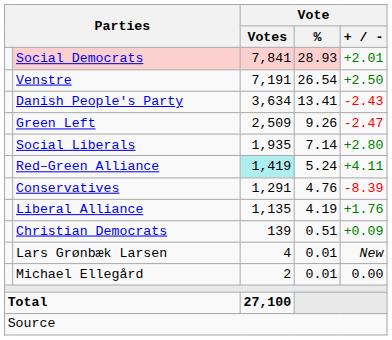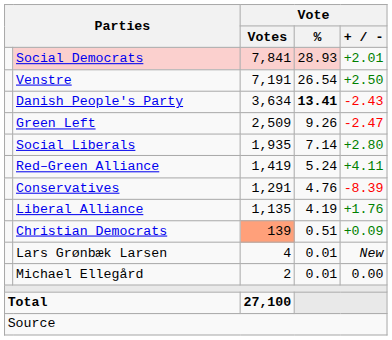 <table class="wikitable" style="text-align:right;">
 <tr>
 <th style="text-align:centre;" rowspan="2" colspan="2" width="225">Parties</th>
 <th colspan="3">Vote</th>
 </tr>
 <tr>
 <th width="15">Votes</th>
 <th width="15">%</th>
 <th width="15">+ / -</th>
 </tr>
 <tr>
 <td width="2" style="color:inherit;background:"></td>
 <td bgcolor=#fbd0ce  align="left"><a href='#'>Social Democrats</a></td>
 <td bgcolor=#fbd0ce>7,841</td>
 <td bgcolor=#fbd0ce>28.93</td>
 <td style=color:green;>+2.01</td>
 </tr>
 <tr>
 <td width="2" style="color:inherit;background:"></td>
 <td align="left"><a href='#'>Venstre</a></td>
 <td>7,191</td>
 <td>26.54</td>
 <td style=color:green;>+2.50</td>
 </tr>
 <tr>
 <td width="2" style="color:inherit;background:"></td>
 <td align="left"><a href='#'>Danish People's Party</a></td>
 <td>3,634</td>
-<td>13.41</td>
+<td><strong>13.41</strong></td>
 <td style=color:red;>-2.43</td>
 </tr>
 <tr>
 <td width="2" style="color:inherit;background:"></td>
 <td align="left"><a href='#'>Green Left</a></td>
 <td>2,509</td>
 <td>9.26</td>
 <td style=color:red;>-2.47</td>
 </tr>
 <tr>
 <td width="2" style="color:inherit;background:"></td>
 <td align="left"><a href='#'>Social Liberals</a></td>
 <td>1,935</td>
 <td>7.14</td>
 <td style=color:green;>+2.80</td>
 </tr>
 <tr>
 <td width="2" style="color:inherit;background:"></td>
 <td align="left"><a href='#'>Red–Green Alliance</a></td>
-<td style="background: paleturquoise;">1,419</td>
+<td>1,419</td>
 <td>5.24</td>
 <td style=color:green;>+4.11</td>
 </tr>
 <tr>
 <td width="2" style="color:inherit;background:"></td>
 <td align="left"><a href='#'>Conservatives</a></td>
 <td>1,291</td>
 <td>4.76</td>
 <td style=color:red;>-8.39</td>
 </tr>
 <tr>
 <td width="2" style="color:inherit;background:"></td>
 <td align="left"><a href='#'>Liberal Alliance</a></td>
 <td>1,135</td>
 <td>4.19</td>
 <td style=color:green;>+1.76</td>
 </tr>
 <tr>
 <td width="2" style="color:inherit;background:"></td>
 <td align="left"><a href='#'>Christian Democrats</a></td>
-<td>139</td>
+<td style="background: lightsalmon;">139</td>
 <td>0.51</td>
 <td style=color:green;>+0.09</td>
 </tr>
 <tr>
 <td width="2" style="color:inherit;background:"></td>
 <td align="left">Lars Grønbæk Larsen</td>
 <td>4</td>
 <td>0.01</td>
 <td><em>New</em></td>
 </tr>
 <tr>
 <td width="2" style="color:inherit;background:"></td>
 <td align="left">Michael Ellegård</td>
 <td>2</td>
 <td>0.01</td>
 <td>0.00</td>
 </tr>
 <tr>
 <td colspan="7" bgcolor="#E9E9E9"></td>
 </tr>
 <tr>
 <td align="left" colspan="2"><strong>Total</strong></td>
 <td><strong>27,100</strong></td>
 <td bgcolor="#E9E9E9" colspan="2"></td>
 </tr>
 <tr>
 <td align="left" colspan="6">Source</td>
 </tr>
 </table>
